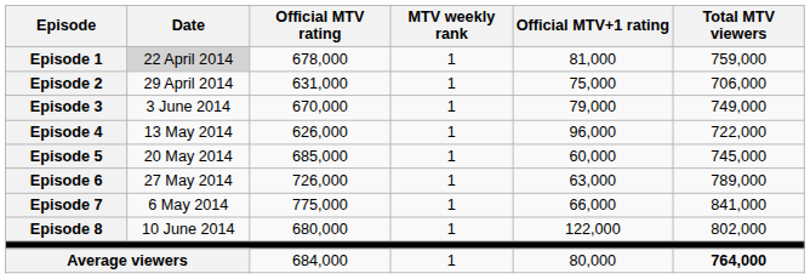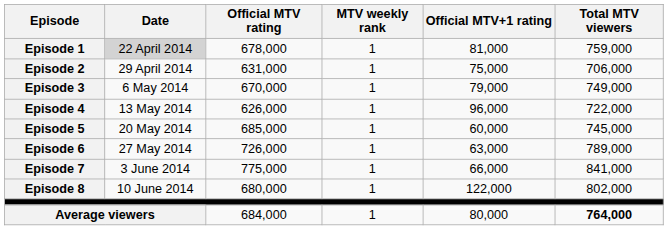 <table class="wikitable sortable" style="text-align:center">
 <tr>
 <th scope="col" style="width:120px;">Episode</th>
 <th scope="col" style="width:120px;">Date</th>
 <th scope="col" style="width:140px;">Official MTV rating</th>
 <th scope="col" style="width:120px;">MTV weekly rank</th>
 <th scope="col" style="width:160px;">Official MTV+1 rating</th>
 <th scope="col" style="width:130px;">Total MTV viewers</th>
 </tr>
 <tr>
 <th scope="row">Episode 1</th>
 <td style="background: lightgrey;">22 April 2014</td>
 <td>678,000</td>
 <td>1</td>
 <td>81,000</td>
 <td>759,000</td>
 </tr>
 <tr>
 <th scope="row">Episode 2</th>
 <td>29 April 2014</td>
 <td>631,000</td>
 <td>1</td>
 <td>75,000</td>
 <td>706,000</td>
 </tr>
 <tr>
 <th scope="row">Episode 3</th>
-<td>3 June 2014</td>
+<td>6 May 2014</td>
 <td>670,000</td>
 <td>1</td>
 <td>79,000</td>
 <td>749,000</td>
 </tr>
 <tr>
 <th scope="row">Episode 4</th>
 <td>13 May 2014</td>
 <td>626,000</td>
 <td>1</td>
 <td>96,000</td>
 <td>722,000</td>
 </tr>
 <tr>
 <th scope="row">Episode 5</th>
 <td>20 May 2014</td>
 <td>685,000</td>
 <td>1</td>
 <td>60,000</td>
 <td>745,000</td>
 </tr>
 <tr>
 <th scope="row">Episode 6</th>
 <td>27 May 2014</td>
 <td>726,000</td>
 <td>1</td>
 <td>63,000</td>
 <td>789,000</td>
 </tr>
 <tr>
 <th scope="row">Episode 7</th>
-<td>6 May 2014</td>
+<td>3 June 2014</td>
 <td>775,000</td>
 <td>1</td>
 <td>66,000</td>
 <td>841,000</td>
 </tr>
 <tr>
 <th scope="row">Episode 8</th>
 <td>10 June 2014</td>
 <td>680,000</td>
 <td>1</td>
 <td>122,000</td>
 <td>802,000</td>
 </tr>
 <tr>
 <th style="background:#000;" colspan="6"></th>
 </tr>
 <tr>
 <th colspan="2"><strong>Average viewers</strong></th>
 <td>684,000</td>
 <td>1</td>
 <td>80,000</td>
 <td><strong>764,000</strong></td>
 </tr>
 </table>
